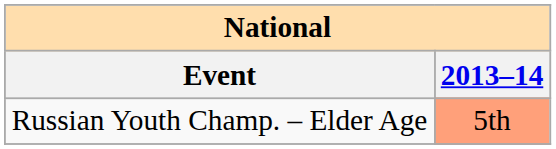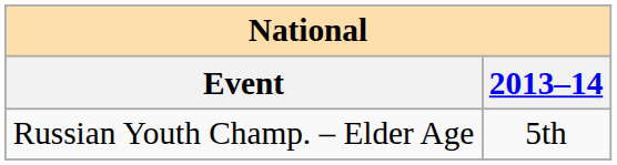 <table class="wikitable" style="text-align:center">
 <tr>
 <th style="background-color: #ffdead; " colspan=2 align=center>National</th>
 </tr>
 <tr>
 <th>Event</th>
 <th><a href='#'>2013–14</a></th>
 </tr>
 <tr>
 <td align=left>Russian Youth Champ. – Elder Age</td>
-<td style="background: lightsalmon;">5th</td>
+<td>5th</td>
 </tr>
 </table>
